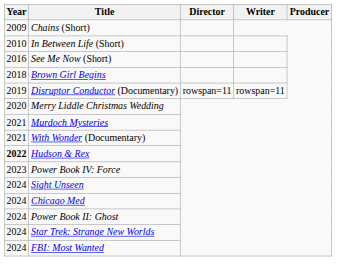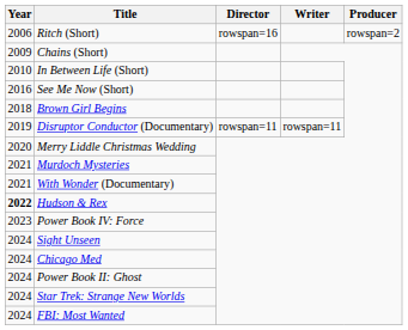 <table class="wikitable plainrowheaders sortable">
 <tr>
 <th scope="col">Year</th>
 <th scope="col">Title</th>
 <th scope="col" width="65">Director</th>
 <th scope="col" width="65">Writer</th>
 <th scope="col" width="65">Producer</th>
+</tr>
+<tr>
+<td>2006</td>
+<td><em>Ritch</em> (Short)</td>
+<td>rowspan=16 </td>
+<td></td>
+<td>rowspan=2 </td>
 </tr>
 <tr>
 <td>2009</td>
 <td><em>Chains</em> (Short)</td>
 <td></td>
 </tr>
 <tr>
 <td>2010</td>
 <td><em>In Between Life</em> (Short)</td>
 <td></td>
 <td></td>
 </tr>
 <tr>
 <td>2016</td>
 <td><em>See Me Now</em> (Short)</td>
 <td></td>
 <td></td>
 </tr>
 <tr>
 <td>2018</td>
 <td><em><a href='#'>Brown Girl Begins</a></em></td>
 <td></td>
 <td></td>
 </tr>
 <tr>
 <td>2019</td>
 <td><em><a href='#'>Disruptor Conductor</a></em> (Documentary)</td>
 <td>rowspan=11 </td>
 <td>rowspan=11 </td>
 </tr>
 <tr>
 <td>2020</td>
 <td><em>Merry Liddle Christmas Wedding</em></td>
 </tr>
 <tr>
 <td>2021</td>
 <td><em><a href='#'>Murdoch Mysteries</a></em></td>
 </tr>
 <tr>
 <td>2021</td>
 <td><em><a href='#'>With Wonder</a></em> (Documentary)</td>
 </tr>
 <tr>
 <td><strong>2022</strong></td>
 <td><em><a href='#'>Hudson & Rex</a></em></td>
 </tr>
 <tr>
 <td>2023</td>
 <td><em>Power Book IV: Force</em></td>
 </tr>
 <tr>
 <td>2024</td>
 <td><em><a href='#'>Sight Unseen</a></em></td>
 </tr>
 <tr>
 <td>2024</td>
 <td><em><a href='#'>Chicago Med</a></em></td>
 </tr>
 <tr>
 <td>2024</td>
 <td><em>Power Book II: Ghost</em></td>
 </tr>
 <tr>
 <td>2024</td>
 <td><em><a href='#'>Star Trek: Strange New Worlds</a></em></td>
 </tr>
 <tr>
 <td>2024</td>
 <td><em><a href='#'>FBI: Most Wanted</a></em></td>
 </tr>
 </table>
